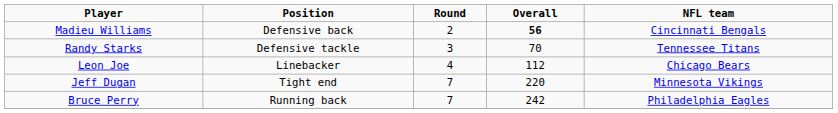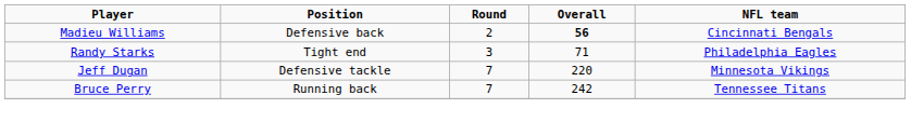 <table class="wikitable" width="80%">
 <tr align="center">
 <td><strong>Player</strong></td>
 <td><strong>Position</strong></td>
 <td><strong>Round</strong></td>
 <td><strong>Overall</strong></td>
 <td><strong>NFL team</strong></td>
 </tr>
 <tr align="center" bgcolor="">
 <td><a href='#'>Madieu Williams</a></td>
 <td>Defensive back</td>
 <td>2</td>
 <td><strong>56</strong></td>
 <td><a href='#'>Cincinnati Bengals</a></td>
 </tr>
 <tr align="center" bgcolor="">
 <td><a href='#'>Randy Starks</a></td>
-<td>Defensive tackle</td>
+<td>Tight end</td>
 <td>3</td>
-<td>70</td>
-<td><a href='#'>Tennessee Titans</a></td>
-</tr>
-<tr align="center" bgcolor="">
-<td><a href='#'>Leon Joe</a></td>
-<td>Linebacker</td>
-<td>4</td>
-<td>112</td>
-<td><a href='#'>Chicago Bears</a></td>
+<td>71</td>
+<td><a href='#'>Philadelphia Eagles</a></td>
 </tr>
 <tr align="center" bgcolor="">
 <td><a href='#'>Jeff Dugan</a></td>
-<td>Tight end</td>
+<td>Defensive tackle</td>
 <td>7</td>
 <td>220</td>
 <td><a href='#'>Minnesota Vikings</a></td>
 </tr>
 <tr align="center" bgcolor="">
 <td><a href='#'>Bruce Perry</a></td>
 <td>Running back</td>
 <td>7</td>
 <td>242</td>
-<td><a href='#'>Philadelphia Eagles</a></td>
+<td><a href='#'>Tennessee Titans</a></td>
 </tr>
 <tr align="center" bgcolor="">
 </tr>
 </table>
